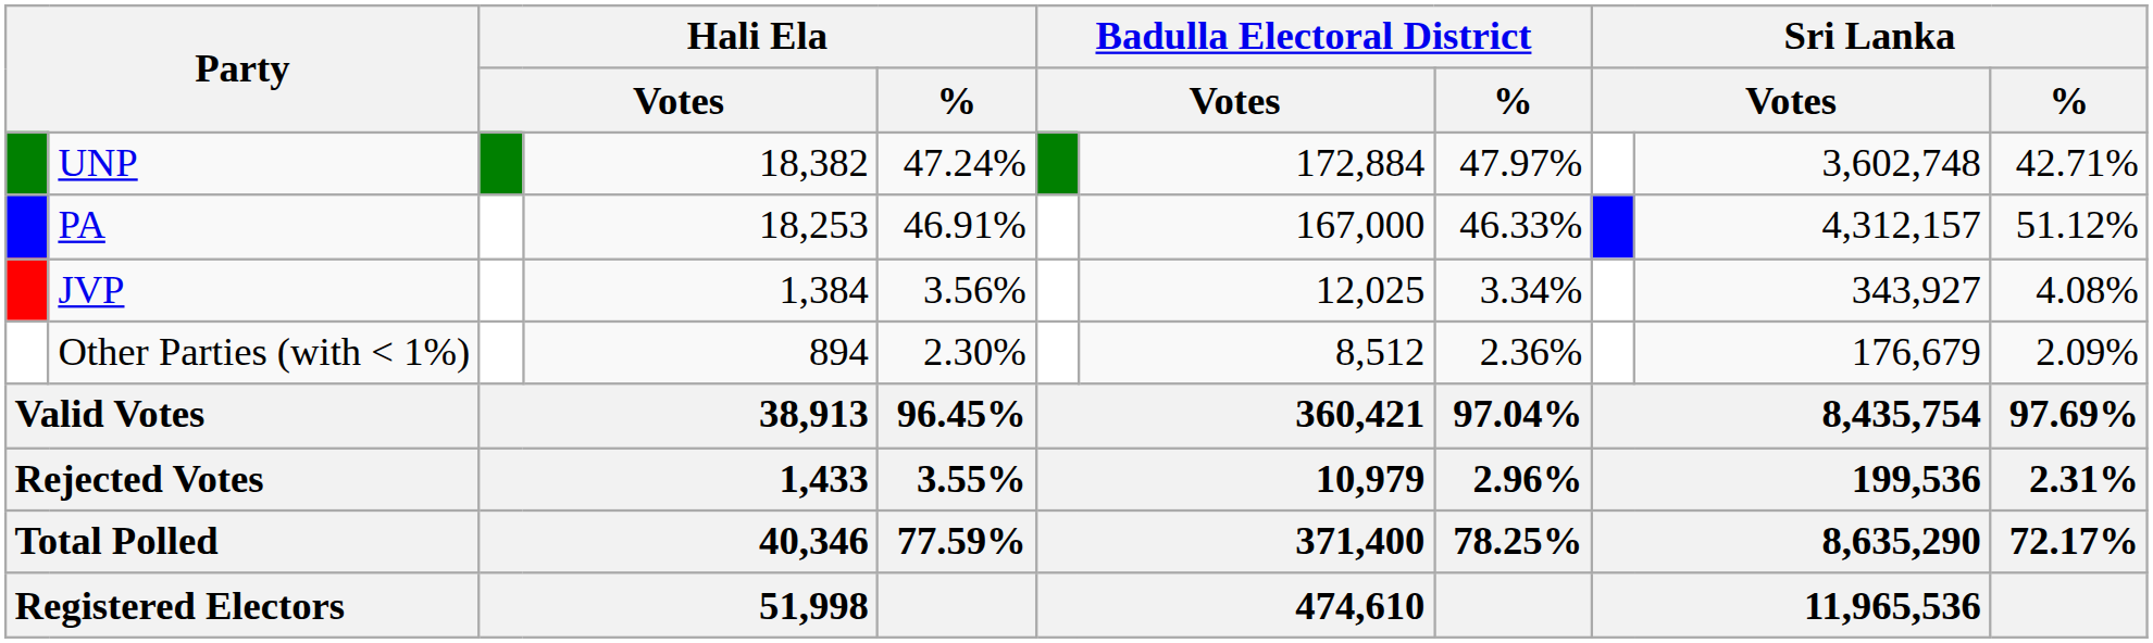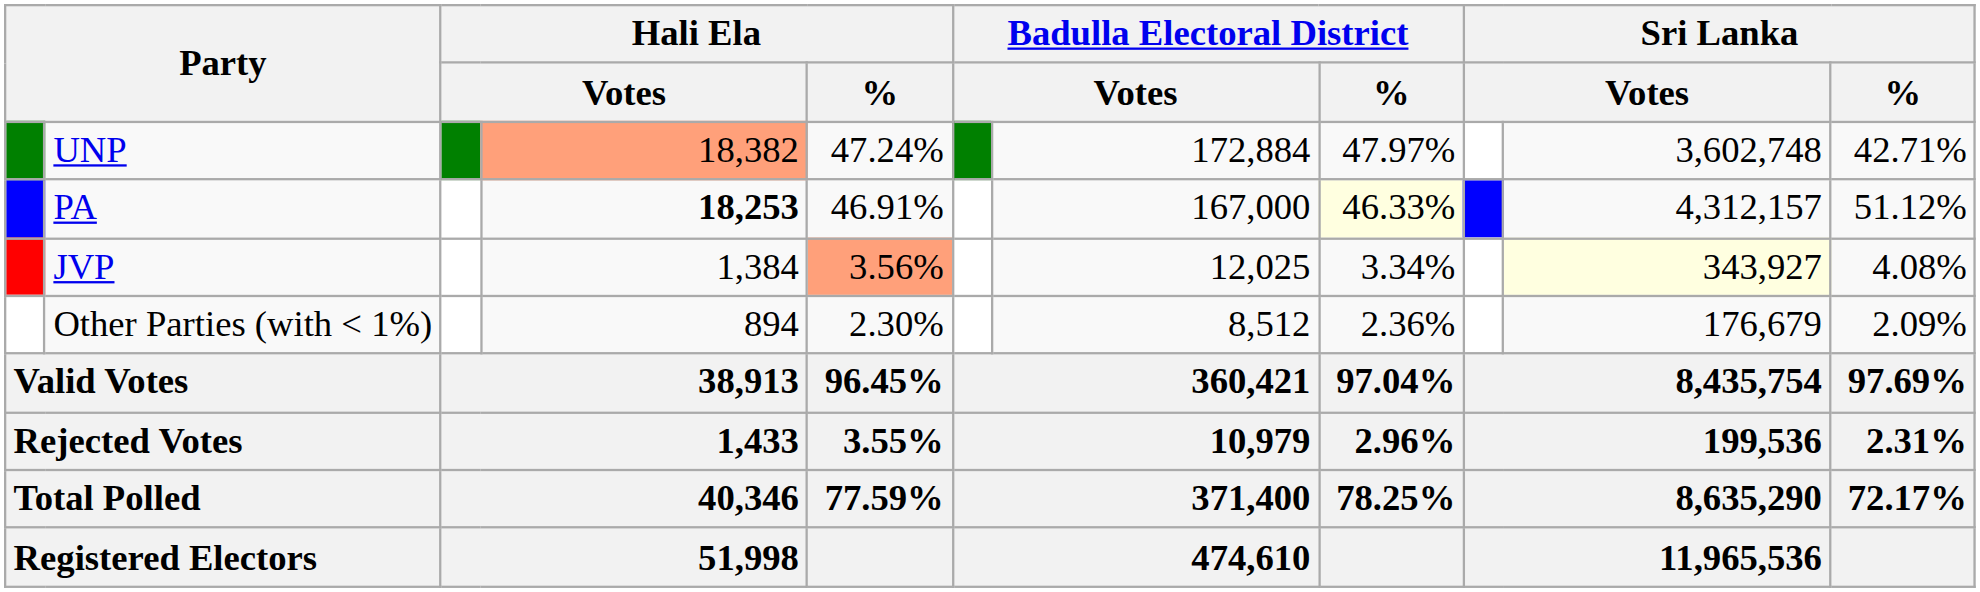 <table class="wikitable">
 <tr>
 <th colspan="2" width="144px"rowspan="2">Party</th>
 <th colspan="3" width="216px">Hali Ela</th>
 <th colspan="3" width="216px"><a href='#'>Badulla Electoral District</a></th>
 <th colspan="3" width="216px">Sri Lanka</th>
 </tr>
 <tr>
 <th colspan="2" width="144px">Votes</th>
 <th>%</th>
 <th colspan="2" width="144px">Votes</th>
 <th>%</th>
 <th colspan="2" width="144px">Votes</th>
 <th>%</th>
 </tr>
 <tr>
 <td style="background-color:green;" width="10px"></td>
 <td style="text-align:left;"><a href='#'>UNP</a></td>
 <td style="background-color:green;" width="10px"></td>
-<td style="text-align:right;">18,382</td>
+<td style="background: lightsalmon; text-align:right;">18,382</td>
 <td style="text-align:right;">47.24%</td>
 <td style="background-color:green;" width="10px"></td>
 <td style="text-align:right;">172,884</td>
 <td style="text-align:right;">47.97%</td>
 <td style="background-color:white;" width="10px"></td>
 <td style="text-align:right;">3,602,748</td>
 <td style="text-align:right;">42.71%</td>
 </tr>
 <tr>
 <td style="background-color:blue;" width="10px"></td>
 <td style="text-align:left;"><a href='#'>PA</a></td>
 <td style="background-color:white;" width="10px"></td>
-<td style="text-align:right;">18,253</td>
+<td style="text-align:right;"><strong>18,253</strong></td>
 <td style="text-align:right;">46.91%</td>
 <td style="background-color:white;" width="10px"></td>
 <td style="text-align:right;">167,000</td>
-<td style="text-align:right;">46.33%</td>
+<td style="background: lightyellow; text-align:right;">46.33%</td>
 <td style="background-color:blue;" width="10px"></td>
 <td style="text-align:right;">4,312,157</td>
 <td style="text-align:right;">51.12%</td>
 </tr>
 <tr>
 <td style="background-color:red;" width="10px"></td>
 <td style="text-align:left;"><a href='#'>JVP</a></td>
 <td style="background-color:white;" width="10px"></td>
 <td style="text-align:right;">1,384</td>
-<td style="text-align:right;">3.56%</td>
+<td style="background: lightsalmon; text-align:right;">3.56%</td>
 <td style="background-color:white;" width="10px"></td>
 <td style="text-align:right;">12,025</td>
 <td style="text-align:right;">3.34%</td>
 <td style="background-color:white;" width="10px"></td>
-<td style="text-align:right;">343,927</td>
+<td style="background: lightyellow; text-align:right;">343,927</td>
 <td style="text-align:right;">4.08%</td>
 </tr>
 <tr>
 <td style="background-color:white;" width="10px"></td>
 <td style="text-align:left;">Other Parties (with < 1%)</td>
 <td style="background-color:white;" width="10px"></td>
 <td style="text-align:right;">894</td>
 <td style="text-align:right;">2.30%</td>
 <td style="background-color:white;" width="10px"></td>
 <td style="text-align:right;">8,512</td>
 <td style="text-align:right;">2.36%</td>
 <td style="background-color:white;" width="10px"></td>
 <td style="text-align:right;">176,679</td>
 <td style="text-align:right;">2.09%</td>
 </tr>
 <tr>
 <th colspan="2" width="144px"style="text-align:left;">Valid Votes</th>
 <th style="text-align:right;"colspan="2" width="144px">38,913</th>
 <th style="text-align:right;">96.45%</th>
 <th style="text-align:right;"colspan="2" width="144px">360,421</th>
 <th style="text-align:right;">97.04%</th>
 <th style="text-align:right;"colspan="2" width="144px">8,435,754</th>
 <th style="text-align:right;">97.69%</th>
 </tr>
 <tr>
 <th colspan="2" width="144px"style="text-align:left;">Rejected Votes</th>
 <th style="text-align:right;"colspan="2" width="144px">1,433</th>
 <th style="text-align:right;">3.55%</th>
 <th style="text-align:right;"colspan="2" width="144px">10,979</th>
 <th style="text-align:right;">2.96%</th>
 <th style="text-align:right;"colspan="2" width="144px">199,536</th>
 <th style="text-align:right;">2.31%</th>
 </tr>
 <tr>
 <th colspan="2" width="144px"style="text-align:left;">Total Polled</th>
 <th style="text-align:right;"colspan="2" width="144px">40,346</th>
 <th style="text-align:right;">77.59%</th>
 <th style="text-align:right;"colspan="2" width="144px">371,400</th>
 <th style="text-align:right;">78.25%</th>
 <th style="text-align:right;"colspan="2" width="144px">8,635,290</th>
 <th style="text-align:right;">72.17%</th>
 </tr>
 <tr>
 <th colspan="2" width="144px"style="text-align:left;">Registered Electors</th>
 <th style="text-align:right;"colspan="2" width="144px">51,998</th>
 <th></th>
 <th style="text-align:right;"colspan="2" width="144px">474,610</th>
 <th></th>
 <th style="text-align:right;"colspan="2" width="144px">11,965,536</th>
 <th></th>
 </tr>
 </table>
